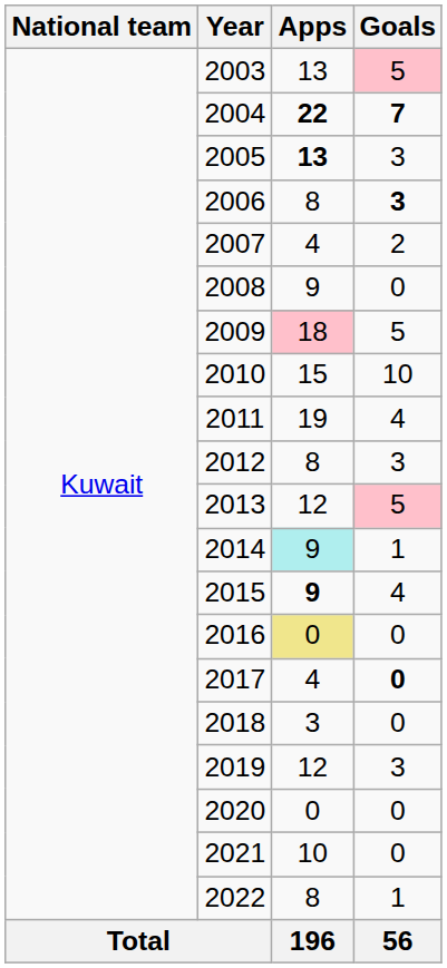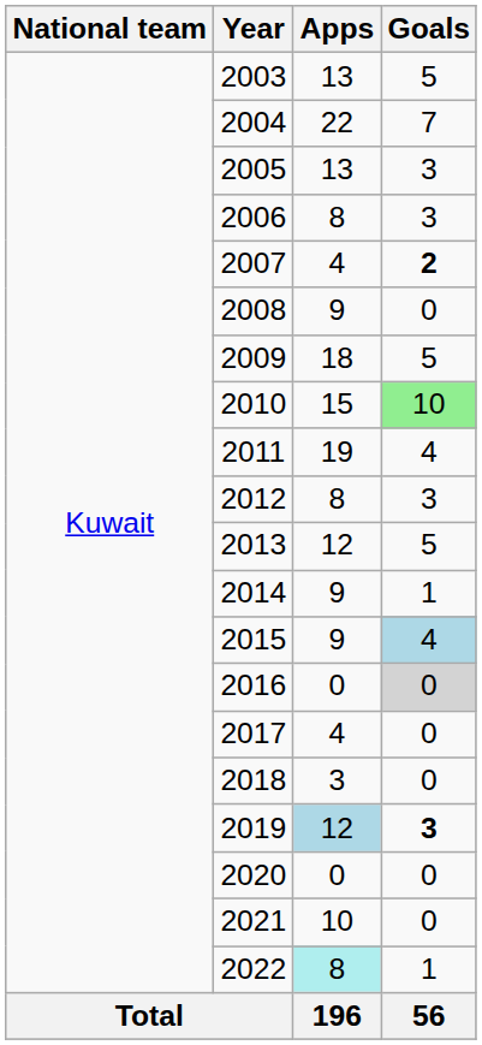 <table class="wikitable" style="text-align:center">
 <tr>
 <th>National team</th>
 <th>Year</th>
 <th>Apps</th>
 <th>Goals</th>
 </tr>
 <tr>
 <td rowspan="20"><a href='#'>Kuwait</a></td>
 <td>2003</td>
 <td>13</td>
-<td style="background: pink;">5</td>
+<td>5</td>
 </tr>
 <tr>
 <td>2004</td>
-<td><strong>22</strong></td>
-<td><strong>7</strong></td>
+<td>22</td>
+<td>7</td>
 </tr>
 <tr>
 <td>2005</td>
-<td><strong>13</strong></td>
+<td>13</td>
 <td>3</td>
 </tr>
 <tr>
 <td>2006</td>
 <td>8</td>
-<td><strong>3</strong></td>
+<td>3</td>
 </tr>
 <tr>
 <td>2007</td>
 <td>4</td>
-<td>2</td>
+<td><strong>2</strong></td>
 </tr>
 <tr>
 <td>2008</td>
 <td>9</td>
 <td>0</td>
 </tr>
 <tr>
 <td>2009</td>
-<td style="background: pink;">18</td>
+<td>18</td>
 <td>5</td>
 </tr>
 <tr>
 <td>2010</td>
 <td>15</td>
-<td>10</td>
+<td style="background: lightgreen;">10</td>
 </tr>
 <tr>
 <td>2011</td>
 <td>19</td>
 <td>4</td>
 </tr>
 <tr>
 <td>2012</td>
 <td>8</td>
 <td>3</td>
 </tr>
 <tr>
 <td>2013</td>
 <td>12</td>
-<td style="background: pink;">5</td>
+<td>5</td>
 </tr>
 <tr>
 <td>2014</td>
-<td style="background: paleturquoise;">9</td>
+<td>9</td>
 <td>1</td>
 </tr>
 <tr>
 <td>2015</td>
-<td><strong>9</strong></td>
-<td>4</td>
+<td>9</td>
+<td style="background: lightblue;">4</td>
 </tr>
 <tr>
 <td>2016</td>
-<td style="background: khaki;">0</td>
 <td>0</td>
+<td style="background: lightgrey;">0</td>
 </tr>
 <tr>
 <td>2017</td>
 <td>4</td>
-<td><strong>0</strong></td>
+<td>0</td>
 </tr>
 <tr>
 <td>2018</td>
 <td>3</td>
 <td>0</td>
 </tr>
 <tr>
 <td>2019</td>
-<td>12</td>
-<td>3</td>
+<td style="background: lightblue;">12</td>
+<td><strong>3</strong></td>
 </tr>
 <tr>
 <td>2020</td>
 <td>0</td>
 <td>0</td>
 </tr>
 <tr>
 <td>2021</td>
 <td>10</td>
 <td>0</td>
 </tr>
 <tr>
 <td>2022</td>
-<td>8</td>
+<td style="background: paleturquoise;">8</td>
 <td>1</td>
 </tr>
 <tr>
 <th colspan="2">Total</th>
 <th>196</th>
 <th>56</th>
 </tr>
 </table>
